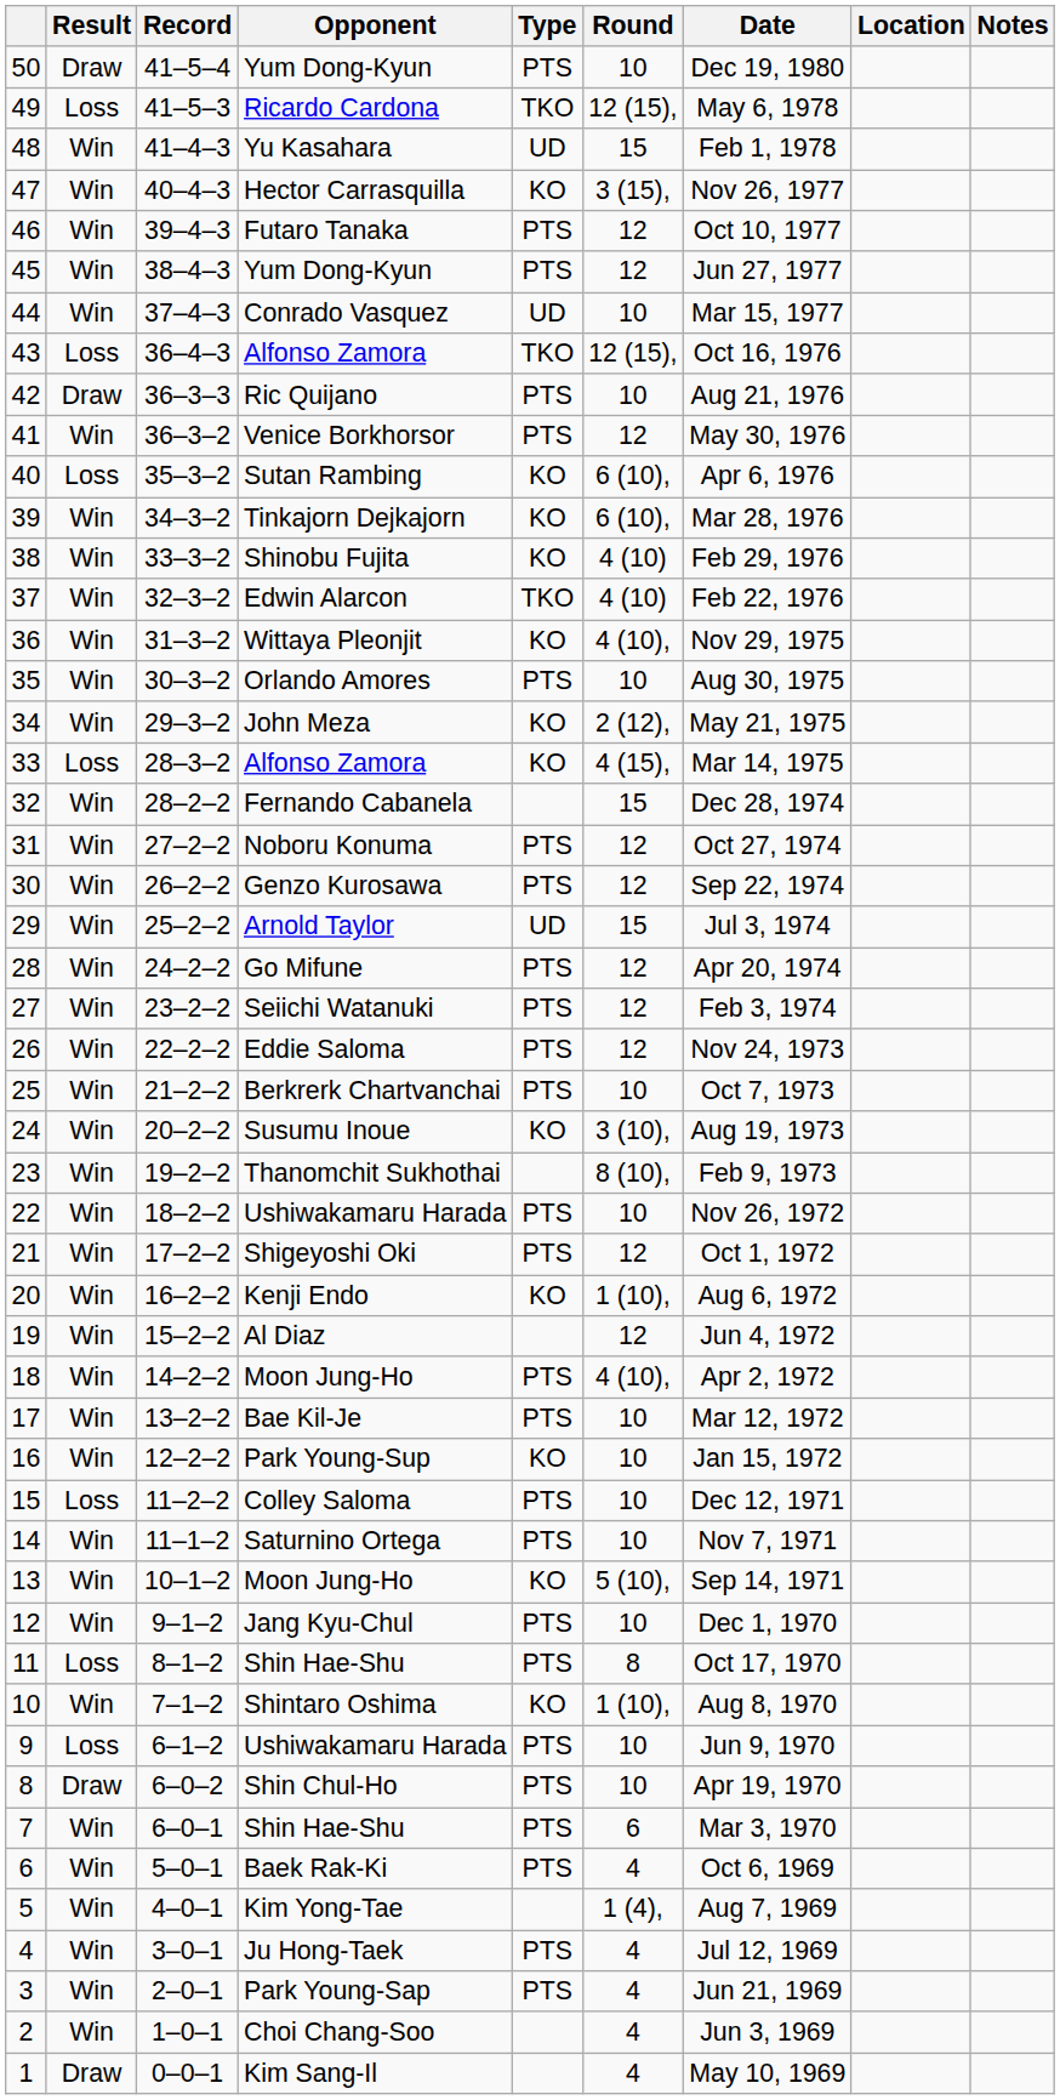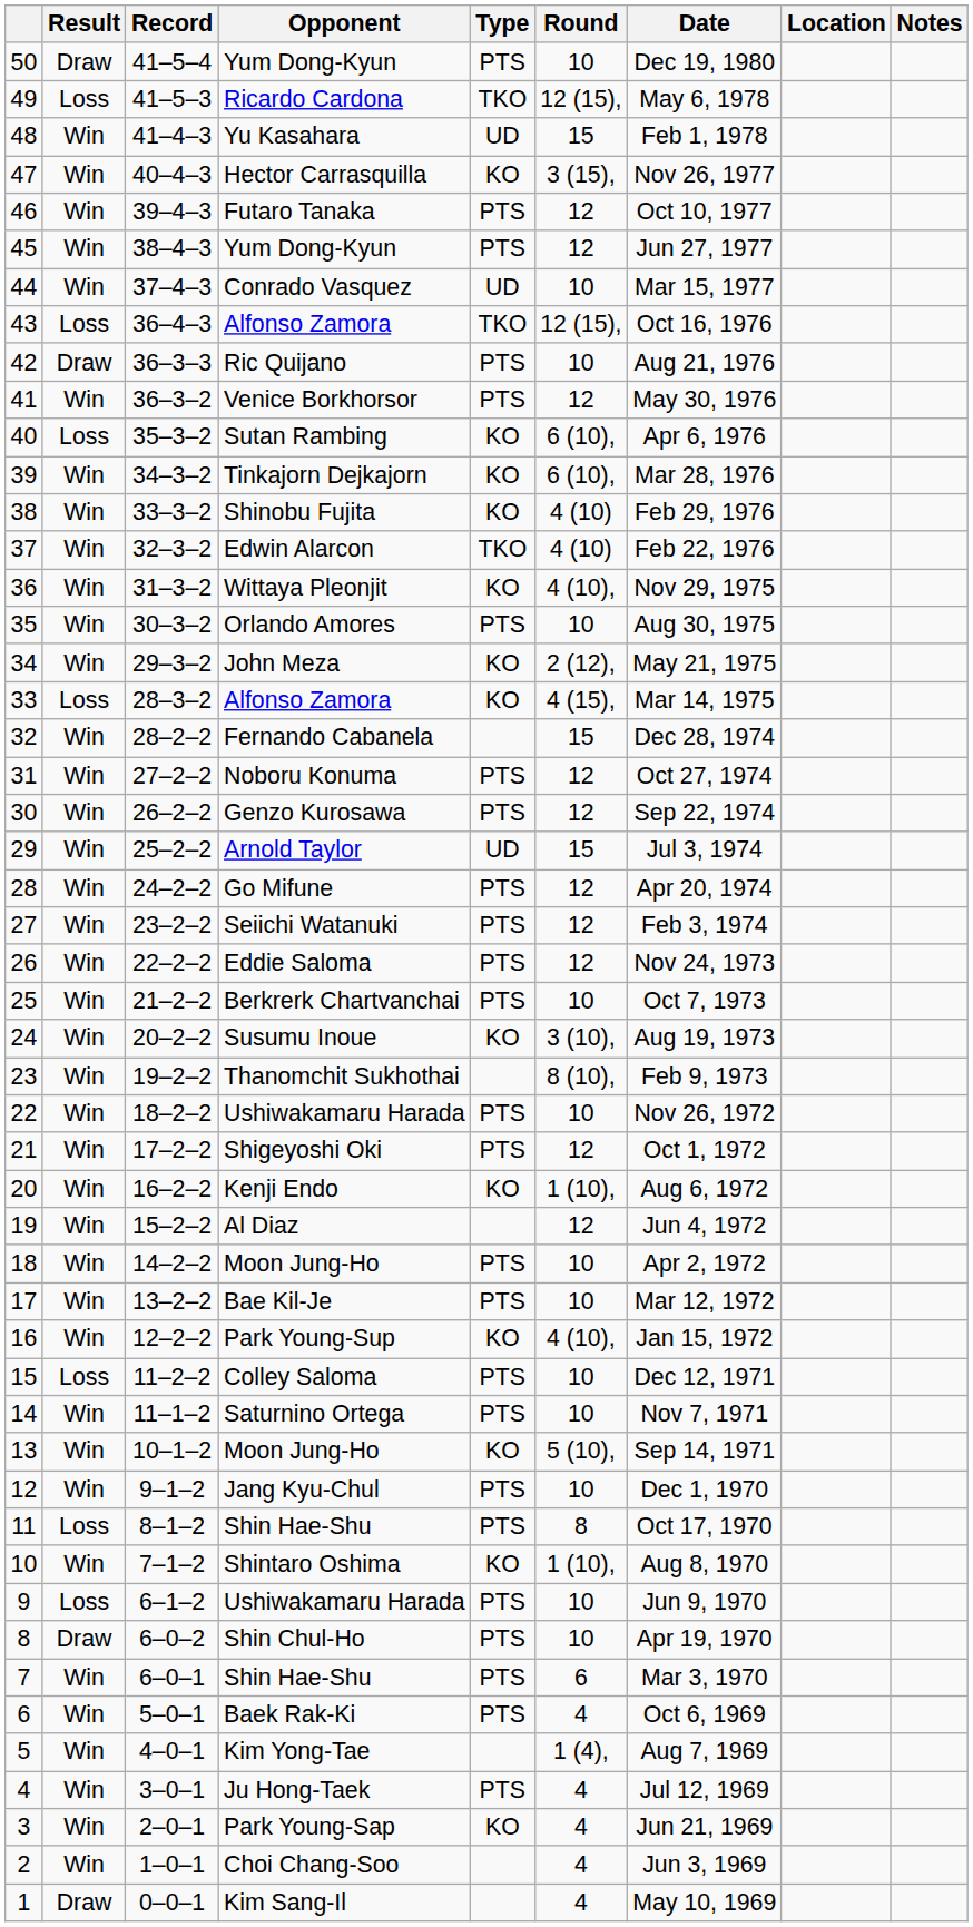 <table class="wikitable" style="text-align:center">
 <tr>
 <th></th>
 <th>Result</th>
 <th>Record</th>
 <th>Opponent</th>
 <th>Type</th>
 <th>Round</th>
 <th>Date</th>
 <th>Location</th>
 <th>Notes</th>
 </tr>
 <tr>
 <td>50</td>
 <td>Draw</td>
 <td>41–5–4</td>
 <td align=left>Yum Dong-Kyun</td>
 <td>PTS</td>
 <td>10</td>
 <td>Dec 19, 1980</td>
 <td style="text-align:left;"></td>
 <td></td>
 </tr>
 <tr>
 <td>49</td>
 <td>Loss</td>
 <td>41–5–3</td>
 <td align=left><a href='#'>Ricardo Cardona</a></td>
 <td>TKO</td>
 <td>12 (15), </td>
 <td>May 6, 1978</td>
 <td style="text-align:left;"></td>
 <td align=left></td>
 </tr>
 <tr>
 <td>48</td>
 <td>Win</td>
 <td>41–4–3</td>
 <td align=left>Yu Kasahara</td>
 <td>UD</td>
 <td>15</td>
 <td>Feb 1, 1978</td>
 <td style="text-align:left;"></td>
 <td align=left></td>
 </tr>
 <tr>
 <td>47</td>
 <td>Win</td>
 <td>40–4–3</td>
 <td align=left>Hector Carrasquilla</td>
 <td>KO</td>
 <td>3 (15), </td>
 <td>Nov 26, 1977</td>
 <td style="text-align:left;"></td>
 <td align=left></td>
 </tr>
 <tr>
 <td>46</td>
 <td>Win</td>
 <td>39–4–3</td>
 <td align=left>Futaro Tanaka</td>
 <td>PTS</td>
 <td>12</td>
 <td>Oct 10, 1977</td>
 <td style="text-align:left;"></td>
 <td></td>
 </tr>
 <tr>
 <td>45</td>
 <td>Win</td>
 <td>38–4–3</td>
 <td align=left>Yum Dong-Kyun</td>
 <td>PTS</td>
 <td>12</td>
 <td>Jun 27, 1977</td>
 <td style="text-align:left;"></td>
 <td></td>
 </tr>
 <tr>
 <td>44</td>
 <td>Win</td>
 <td>37–4–3</td>
 <td align=left>Conrado Vasquez</td>
 <td>UD</td>
 <td>10</td>
 <td>Mar 15, 1977</td>
 <td style="text-align:left;"></td>
 <td></td>
 </tr>
 <tr>
 <td>43</td>
 <td>Loss</td>
 <td>36–4–3</td>
 <td align=left><a href='#'>Alfonso Zamora</a></td>
 <td>TKO</td>
 <td>12 (15), </td>
 <td>Oct 16, 1976</td>
 <td style="text-align:left;"></td>
 <td style="text-align:left;"></td>
 </tr>
 <tr>
 <td>42</td>
 <td>Draw</td>
 <td>36–3–3</td>
 <td align=left>Ric Quijano</td>
 <td>PTS</td>
 <td>10</td>
 <td>Aug 21, 1976</td>
 <td style="text-align:left;"></td>
 <td></td>
 </tr>
 <tr>
 <td>41</td>
 <td>Win</td>
 <td>36–3–2</td>
 <td align=left>Venice Borkhorsor</td>
 <td>PTS</td>
 <td>12</td>
 <td>May 30, 1976</td>
 <td style="text-align:left;"></td>
 <td align=left></td>
 </tr>
 <tr>
 <td>40</td>
 <td>Loss</td>
 <td>35–3–2</td>
 <td align=left>Sutan Rambing</td>
 <td>KO</td>
 <td>6 (10), </td>
 <td>Apr 6, 1976</td>
 <td style="text-align:left;"></td>
 <td></td>
 </tr>
 <tr>
 <td>39</td>
 <td>Win</td>
 <td>34–3–2</td>
 <td align=left>Tinkajorn Dejkajorn</td>
 <td>KO</td>
 <td>6 (10), </td>
 <td>Mar 28, 1976</td>
 <td style="text-align:left;"></td>
 <td></td>
 </tr>
 <tr>
 <td>38</td>
 <td>Win</td>
 <td>33–3–2</td>
 <td align=left>Shinobu Fujita</td>
 <td>KO</td>
 <td>4 (10)</td>
 <td>Feb 29, 1976</td>
 <td style="text-align:left;"></td>
 <td></td>
 </tr>
 <tr>
 <td>37</td>
 <td>Win</td>
 <td>32–3–2</td>
 <td align=left>Edwin Alarcon</td>
 <td>TKO</td>
 <td>4 (10)</td>
 <td>Feb 22, 1976</td>
 <td style="text-align:left;"></td>
 <td></td>
 </tr>
 <tr>
 <td>36</td>
 <td>Win</td>
 <td>31–3–2</td>
 <td align=left>Wittaya Pleonjit</td>
 <td>KO</td>
 <td>4 (10), </td>
 <td>Nov 29, 1975</td>
 <td style="text-align:left;"></td>
 <td></td>
 </tr>
 <tr>
 <td>35</td>
 <td>Win</td>
 <td>30–3–2</td>
 <td align=left>Orlando Amores</td>
 <td>PTS</td>
 <td>10</td>
 <td>Aug 30, 1975</td>
 <td style="text-align:left;"></td>
 <td></td>
 </tr>
 <tr>
 <td>34</td>
 <td>Win</td>
 <td>29–3–2</td>
 <td align=left>John Meza</td>
 <td>KO</td>
 <td>2 (12), </td>
 <td>May 21, 1975</td>
 <td style="text-align:left;"></td>
 <td></td>
 </tr>
 <tr>
 <td>33</td>
 <td>Loss</td>
 <td>28–3–2</td>
 <td align=left><a href='#'>Alfonso Zamora</a></td>
 <td>KO</td>
 <td>4 (15), </td>
 <td>Mar 14, 1975</td>
 <td style="text-align:left;"></td>
 <td align=left></td>
 </tr>
 <tr>
 <td>32</td>
 <td>Win</td>
 <td>28–2–2</td>
 <td align=left>Fernando Cabanela</td>
 <td></td>
 <td>15</td>
 <td>Dec 28, 1974</td>
 <td style="text-align:left;"></td>
 <td align=left></td>
 </tr>
 <tr>
 <td>31</td>
 <td>Win</td>
 <td>27–2–2</td>
 <td align=left>Noboru Konuma</td>
 <td>PTS</td>
 <td>12</td>
 <td>Oct 27, 1974</td>
 <td style="text-align:left;"></td>
 <td></td>
 </tr>
 <tr>
 <td>30</td>
 <td>Win</td>
 <td>26–2–2</td>
 <td align=left>Genzo Kurosawa</td>
 <td>PTS</td>
 <td>12</td>
 <td>Sep 22, 1974</td>
 <td style="text-align:left;"></td>
 <td></td>
 </tr>
 <tr>
 <td>29</td>
 <td>Win</td>
 <td>25–2–2</td>
 <td align=left><a href='#'>Arnold Taylor</a></td>
 <td>UD</td>
 <td>15</td>
 <td>Jul 3, 1974</td>
 <td style="text-align:left;"></td>
 <td align=left></td>
 </tr>
 <tr>
 <td>28</td>
 <td>Win</td>
 <td>24–2–2</td>
 <td align=left>Go Mifune</td>
 <td>PTS</td>
 <td>12</td>
 <td>Apr 20, 1974</td>
 <td style="text-align:left;"></td>
 <td></td>
 </tr>
 <tr>
 <td>27</td>
 <td>Win</td>
 <td>23–2–2</td>
 <td align=left>Seiichi Watanuki</td>
 <td>PTS</td>
 <td>12</td>
 <td>Feb 3, 1974</td>
 <td style="text-align:left;"></td>
 <td align=left></td>
 </tr>
 <tr>
 <td>26</td>
 <td>Win</td>
 <td>22–2–2</td>
 <td align=left>Eddie Saloma</td>
 <td>PTS</td>
 <td>12</td>
 <td>Nov 24, 1973</td>
 <td style="text-align:left;"></td>
 <td align=left></td>
 </tr>
 <tr>
 <td>25</td>
 <td>Win</td>
 <td>21–2–2</td>
 <td align=left>Berkrerk Chartvanchai</td>
 <td>PTS</td>
 <td>10</td>
 <td>Oct 7, 1973</td>
 <td style="text-align:left;"></td>
 <td></td>
 </tr>
 <tr>
 <td>24</td>
 <td>Win</td>
 <td>20–2–2</td>
 <td align=left>Susumu Inoue</td>
 <td>KO</td>
 <td>3 (10), </td>
 <td>Aug 19, 1973</td>
 <td style="text-align:left;"></td>
 <td></td>
 </tr>
 <tr>
 <td>23</td>
 <td>Win</td>
 <td>19–2–2</td>
 <td align=left>Thanomchit Sukhothai</td>
 <td></td>
 <td>8 (10), </td>
 <td>Feb 9, 1973</td>
 <td style="text-align:left;"></td>
 <td></td>
 </tr>
 <tr>
 <td>22</td>
 <td>Win</td>
 <td>18–2–2</td>
 <td align=left>Ushiwakamaru Harada</td>
 <td>PTS</td>
 <td>10</td>
 <td>Nov 26, 1972</td>
 <td style="text-align:left;"></td>
 <td></td>
 </tr>
 <tr>
 <td>21</td>
 <td>Win</td>
 <td>17–2–2</td>
 <td align=left>Shigeyoshi Oki</td>
 <td>PTS</td>
 <td>12</td>
 <td>Oct 1, 1972</td>
 <td style="text-align:left;"></td>
 <td align=left></td>
 </tr>
 <tr>
 <td>20</td>
 <td>Win</td>
 <td>16–2–2</td>
 <td align=left>Kenji Endo</td>
 <td>KO</td>
 <td>1 (10), </td>
 <td>Aug 6, 1972</td>
 <td style="text-align:left;"></td>
 <td></td>
 </tr>
 <tr>
 <td>19</td>
 <td>Win</td>
 <td>15–2–2</td>
 <td align=left>Al Diaz</td>
 <td></td>
 <td>12</td>
 <td>Jun 4, 1972</td>
 <td style="text-align:left;"></td>
 <td style="text-align:left;"></td>
 </tr>
 <tr>
 <td>18</td>
 <td>Win</td>
 <td>14–2–2</td>
 <td align=left>Moon Jung-Ho</td>
 <td>PTS</td>
-<td>4 (10), </td>
+<td>10</td>
 <td>Apr 2, 1972</td>
 <td style="text-align:left;"></td>
 <td style="text-align:left;"></td>
 </tr>
 <tr>
 <td>17</td>
 <td>Win</td>
 <td>13–2–2</td>
 <td align=left>Bae Kil-Je</td>
 <td>PTS</td>
 <td>10</td>
 <td>Mar 12, 1972</td>
 <td style="text-align:left;"></td>
 <td align=left></td>
 </tr>
 <tr>
 <td>16</td>
 <td>Win</td>
 <td>12–2–2</td>
 <td align=left>Park Young-Sup</td>
 <td>KO</td>
-<td>10</td>
+<td>4 (10), </td>
 <td>Jan 15, 1972</td>
 <td style="text-align:left;"></td>
 <td align=left></td>
 </tr>
 <tr>
 <td>15</td>
 <td>Loss</td>
 <td>11–2–2</td>
 <td align=left>Colley Saloma</td>
 <td>PTS</td>
 <td>10</td>
 <td>Dec 12, 1971</td>
 <td style="text-align:left;"></td>
 <td></td>
 </tr>
 <tr>
 <td>14</td>
 <td>Win</td>
 <td>11–1–2</td>
 <td align=left>Saturnino Ortega</td>
 <td>PTS</td>
 <td>10</td>
 <td>Nov 7, 1971</td>
 <td style="text-align:left;"></td>
 <td></td>
 </tr>
 <tr>
 <td>13</td>
 <td>Win</td>
 <td>10–1–2</td>
 <td align=left>Moon Jung-Ho</td>
 <td>KO</td>
 <td>5 (10), </td>
 <td>Sep 14, 1971</td>
 <td style="text-align:left;"></td>
 <td align=left></td>
 </tr>
 <tr>
 <td>12</td>
 <td>Win</td>
 <td>9–1–2</td>
 <td align=left>Jang Kyu-Chul</td>
 <td>PTS</td>
 <td>10</td>
 <td>Dec 1, 1970</td>
 <td style="text-align:left;"></td>
 <td></td>
 </tr>
 <tr>
 <td>11</td>
 <td>Loss</td>
 <td>8–1–2</td>
 <td align=left>Shin Hae-Shu</td>
 <td>PTS</td>
 <td>8</td>
 <td>Oct 17, 1970</td>
 <td style="text-align:left;"></td>
 <td></td>
 </tr>
 <tr>
 <td>10</td>
 <td>Win</td>
 <td>7–1–2</td>
 <td align=left>Shintaro Oshima</td>
 <td>KO</td>
 <td>1 (10), </td>
 <td>Aug 8, 1970</td>
 <td style="text-align:left;"></td>
 <td></td>
 </tr>
 <tr>
 <td>9</td>
 <td>Loss</td>
 <td>6–1–2</td>
 <td align=left>Ushiwakamaru Harada</td>
 <td>PTS</td>
 <td>10</td>
 <td>Jun 9, 1970</td>
 <td style="text-align:left;"></td>
 <td></td>
 </tr>
 <tr>
 <td>8</td>
 <td>Draw</td>
 <td>6–0–2</td>
 <td align=left>Shin Chul-Ho</td>
 <td>PTS</td>
 <td>10</td>
 <td>Apr 19, 1970</td>
 <td style="text-align:left;"></td>
 <td></td>
 </tr>
 <tr>
 <td>7</td>
 <td>Win</td>
 <td>6–0–1</td>
 <td align=left>Shin Hae-Shu</td>
 <td>PTS</td>
 <td>6</td>
 <td>Mar 3, 1970</td>
 <td style="text-align:left;"></td>
 <td></td>
 </tr>
 <tr>
 <td>6</td>
 <td>Win</td>
 <td>5–0–1</td>
 <td align=left>Baek Rak-Ki</td>
 <td>PTS</td>
 <td>4</td>
 <td>Oct 6, 1969</td>
 <td style="text-align:left;"></td>
 <td></td>
 </tr>
 <tr>
 <td>5</td>
 <td>Win</td>
 <td>4–0–1</td>
 <td align=left>Kim Yong-Tae</td>
 <td></td>
 <td>1 (4), </td>
 <td>Aug 7, 1969</td>
 <td style="text-align:left;"></td>
 <td></td>
 </tr>
 <tr>
 <td>4</td>
 <td>Win</td>
 <td>3–0–1</td>
 <td align=left>Ju Hong-Taek</td>
 <td>PTS</td>
 <td>4</td>
 <td>Jul 12, 1969</td>
 <td style="text-align:left;"></td>
 <td></td>
 </tr>
 <tr>
 <td>3</td>
 <td>Win</td>
 <td>2–0–1</td>
 <td align=left>Park Young-Sap</td>
-<td>PTS</td>
+<td>KO</td>
 <td>4</td>
 <td>Jun 21, 1969</td>
 <td style="text-align:left;"></td>
 <td></td>
 </tr>
 <tr>
 <td>2</td>
 <td>Win</td>
 <td>1–0–1</td>
 <td align=left>Choi Chang-Soo</td>
 <td></td>
 <td>4</td>
 <td>Jun 3, 1969</td>
 <td style="text-align:left;"></td>
 <td></td>
 </tr>
 <tr>
 <td>1</td>
 <td>Draw</td>
 <td>0–0–1</td>
 <td align=left>Kim Sang-Il</td>
 <td></td>
 <td>4</td>
 <td>May 10, 1969</td>
 <td style="text-align:left;"></td>
 <td></td>
 </tr>
 </table>
